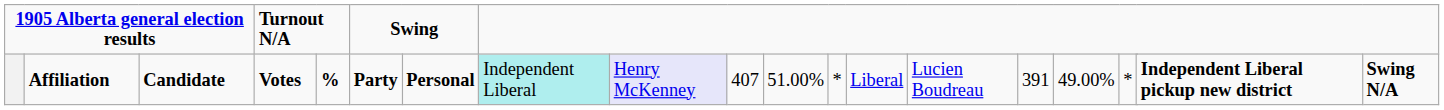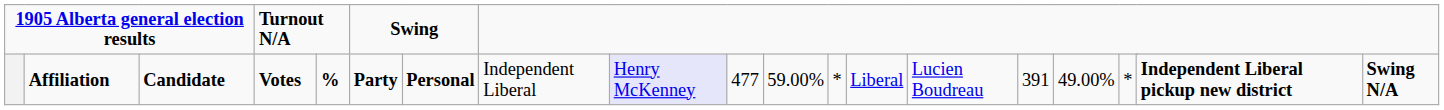 <table class="wikitable">
 <tr>
 <td colspan="3" align=center><strong><a href='#'>1905 Alberta general election</a> results</strong></td>
 <td colspan="2"><strong>Turnout N/A</strong></td>
 <td colspan="2" align=center><strong>Swing</strong></td>
 </tr>
 <tr>
 <th style="width: 10px;"></th>
 <td><strong>Affiliation</strong></td>
 <td><strong>Candidate</strong></td>
 <td><strong>Votes</strong></td>
 <td><strong>%</strong></td>
 <td><strong>Party</strong></td>
 <td><strong>Personal</strong><br></td>
-<td style="background: paleturquoise;">Independent Liberal</td>
+<td>Independent Liberal</td>
 <td style="background: lavender;"><a href='#'>Henry McKenney</a></td>
-<td>407</td>
-<td>51.00%</td>
+<td>477</td>
+<td>59.00%</td>
 <td colspan=2 align=center>*<br></td>
 <td><a href='#'>Liberal</a></td>
 <td><a href='#'>Lucien Boudreau</a></td>
 <td>391</td>
 <td>49.00%</td>
 <td colspan=2 align=center>*<br>   </td>
 <td colspan=4><strong>Independent Liberal pickup new district</strong></td>
 <td colspan=2><strong>Swing N/A</strong></td>
 </tr>
 </table>
